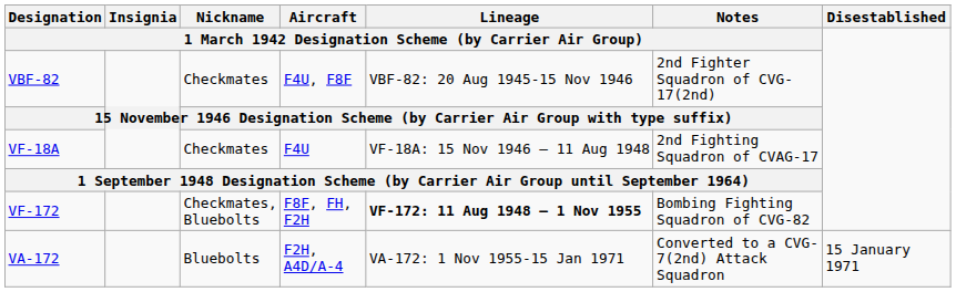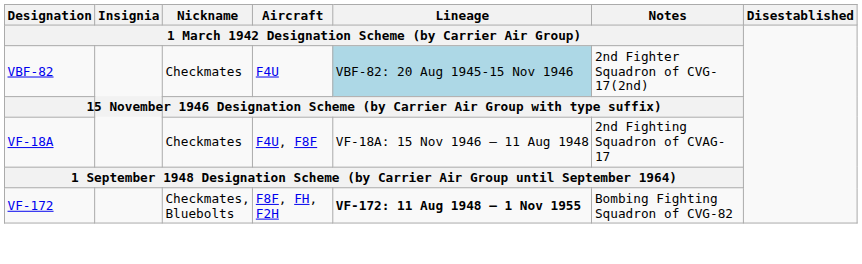 <table class="wikitable">
 <tr>
 <th>Designation</th>
 <th>Insignia</th>
 <th>Nickname</th>
 <th>Aircraft</th>
 <th>Lineage</th>
 <th>Notes</th>
 <th>Disestablished</th>
 </tr>
 <tr>
 <th colspan=6>1 March 1942 Designation Scheme (by Carrier Air Group)</th>
 </tr>
 <tr>
 <td><a href='#'>VBF-82</a></td>
 <td rowspan="3"></td>
 <td>Checkmates</td>
-<td><a href='#'>F4U</a>, <a href='#'>F8F</a></td>
-<td>VBF-82: 20 Aug 1945-15 Nov 1946</td>
+<td><a href='#'>F4U</a></td>
+<td style="background: lightblue;">VBF-82: 20 Aug 1945-15 Nov 1946</td>
 <td>2nd Fighter Squadron of CVG-17(2nd)</td>
 </tr>
 <tr>
 <th colspan=6>15 November 1946 Designation Scheme (by Carrier Air Group with type suffix)</th>
 </tr>
 <tr>
 <td><a href='#'>VF-18A</a></td>
 <td>Checkmates</td>
-<td><a href='#'>F4U</a></td>
+<td><a href='#'>F4U</a>, <a href='#'>F8F</a></td>
 <td style="white-space: nowrap;">VF-18A: 15 Nov 1946 – 11 Aug 1948</td>
 <td>2nd Fighting Squadron of CVAG-17</td>
 </tr>
 <tr>
 <th colspan=6>1 September 1948 Designation Scheme (by Carrier Air Group until September 1964)</th>
 </tr>
 <tr>
 <td><a href='#'>VF-172</a></td>
 <td><br></td>
 <td>Checkmates,<br>Bluebolts</td>
 <td><a href='#'>F8F</a>, <a href='#'>FH</a>, <a href='#'>F2H</a></td>
 <td><strong>VF-172: 11 Aug 1948 – 1 Nov 1955</strong></td>
 <td>Bombing Fighting Squadron of CVG-82</td>
 </tr>
-<tr>
-<td><a href='#'>VA-172</a></td>
-<td></td>
-<td>Bluebolts</td>
-<td><a href='#'>F2H</a>, <a href='#'>A4D/A-4</a></td>
-<td>VA-172: 1 Nov 1955-15 Jan 1971</td>
-<td>Converted to a CVG-7(2nd) Attack Squadron</td>
-<td>15 January 1971</td>
-</tr>
 </table>
